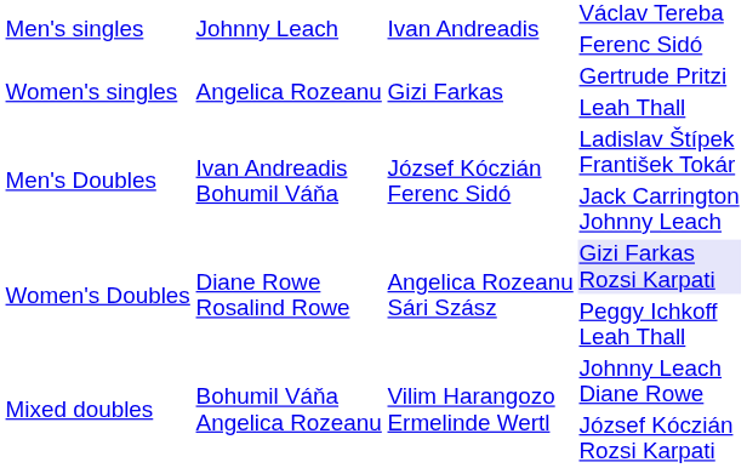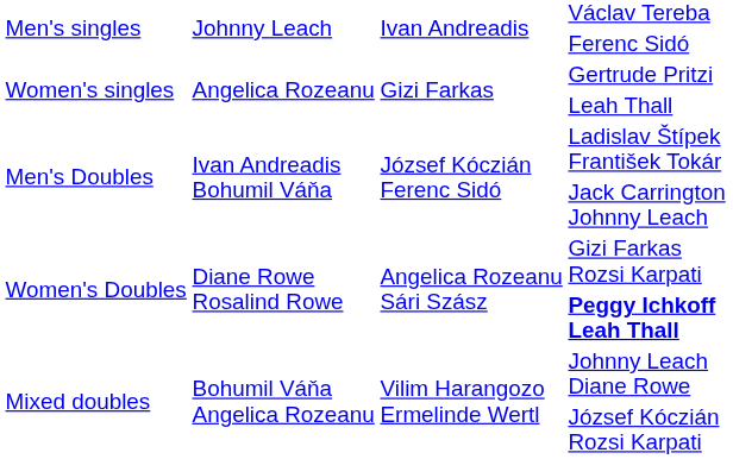 <table>
 <tr>
 <td rowspan=2><a href='#'>Men's singles</a></td>
 <td rowspan=2> <a href='#'>Johnny Leach</a></td>
 <td rowspan=2> <a href='#'>Ivan Andreadis</a></td>
 <td> <a href='#'>Václav Tereba</a></td>
 </tr>
 <tr>
 <td> <a href='#'>Ferenc Sidó</a></td>
 </tr>
 <tr>
 <td rowspan=2><a href='#'>Women's singles</a></td>
 <td rowspan=2> <a href='#'>Angelica Rozeanu</a></td>
 <td rowspan=2> <a href='#'>Gizi Farkas</a></td>
 <td> <a href='#'>Gertrude Pritzi</a></td>
 </tr>
 <tr>
 <td> <a href='#'>Leah Thall</a></td>
 </tr>
 <tr>
 <td rowspan=2><a href='#'>Men's Doubles</a></td>
 <td rowspan=2> <a href='#'>Ivan Andreadis</a><br> <a href='#'>Bohumil Váňa</a></td>
 <td rowspan=2> <a href='#'>József Kóczián</a><br> <a href='#'>Ferenc Sidó</a></td>
 <td> <a href='#'>Ladislav Štípek</a><br> <a href='#'>František Tokár</a></td>
 </tr>
 <tr>
 <td> <a href='#'>Jack Carrington</a><br> <a href='#'>Johnny Leach</a></td>
 </tr>
 <tr>
 <td rowspan=2><a href='#'>Women's Doubles</a></td>
 <td rowspan=2> <a href='#'>Diane Rowe</a><br> <a href='#'>Rosalind Rowe</a></td>
 <td rowspan=2> <a href='#'>Angelica Rozeanu</a><br> <a href='#'>Sári Szász</a></td>
-<td style="background: lavender;"> <a href='#'>Gizi Farkas</a><br> <a href='#'>Rozsi Karpati</a></td>
+<td> <a href='#'>Gizi Farkas</a><br> <a href='#'>Rozsi Karpati</a></td>
 </tr>
 <tr>
-<td> <a href='#'>Peggy Ichkoff</a><br> <a href='#'>Leah Thall</a></td>
+<td><strong> <a href='#'>Peggy Ichkoff</a><br> <a href='#'>Leah Thall</a></strong></td>
 </tr>
 <tr>
 <td rowspan=2><a href='#'>Mixed doubles</a></td>
 <td rowspan=2> <a href='#'>Bohumil Váňa</a><br> <a href='#'>Angelica Rozeanu</a></td>
 <td rowspan=2> <a href='#'>Vilim Harangozo</a><br> <a href='#'>Ermelinde Wertl</a></td>
 <td> <a href='#'>Johnny Leach</a><br> <a href='#'>Diane Rowe</a></td>
 </tr>
 <tr>
 <td> <a href='#'>József Kóczián</a><br> <a href='#'>Rozsi Karpati</a></td>
 </tr>
 </table>
